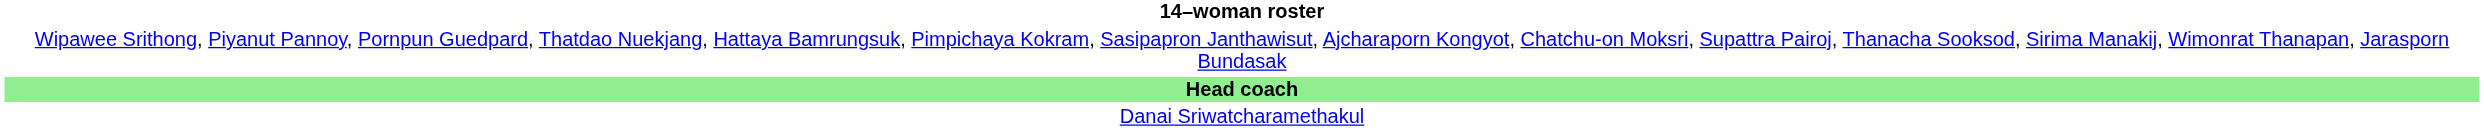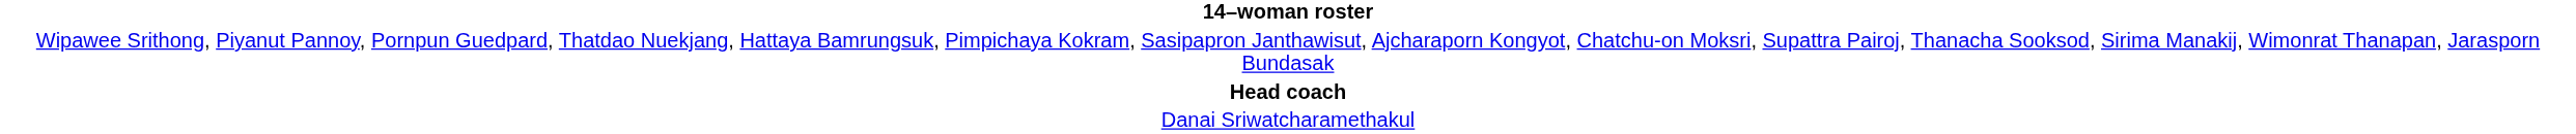 <table style="text-align:center; margin-top:2em; margin-left:auto; margin-right:auto">
 <tr>
 <td><strong>14–woman roster</strong></td>
 </tr>
 <tr>
 <td><a href='#'>Wipawee Srithong</a>, <a href='#'>Piyanut Pannoy</a>, <a href='#'>Pornpun Guedpard</a>, <a href='#'>Thatdao Nuekjang</a>, <a href='#'>Hattaya Bamrungsuk</a>, <a href='#'>Pimpichaya Kokram</a>, <a href='#'>Sasipapron Janthawisut</a>, <a href='#'>Ajcharaporn Kongyot</a>, <a href='#'>Chatchu-on Moksri</a>, <a href='#'>Supattra Pairoj</a>, <a href='#'>Thanacha Sooksod</a>, <a href='#'>Sirima Manakij</a>, <a href='#'>Wimonrat Thanapan</a>, <a href='#'>Jarasporn Bundasak</a></td>
 </tr>
 <tr>
-<td style="background: lightgreen;"><strong>Head coach</strong></td>
+<td><strong>Head coach</strong></td>
 </tr>
 <tr>
 <td><a href='#'>Danai Sriwatcharamethakul</a></td>
 </tr>
 </table>
